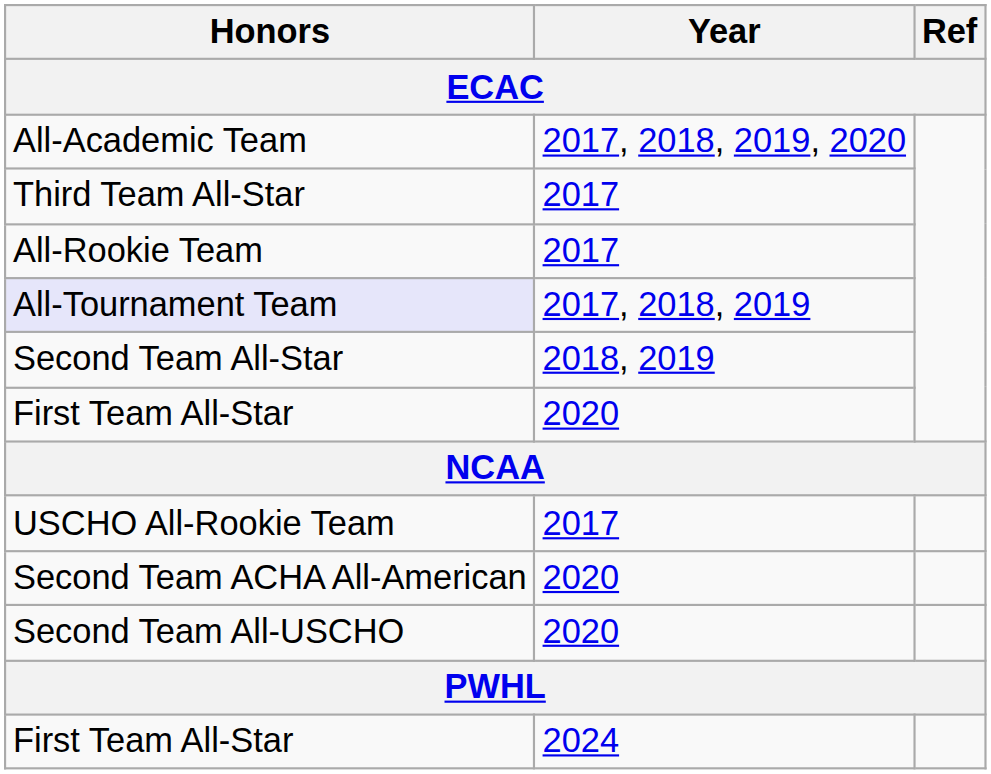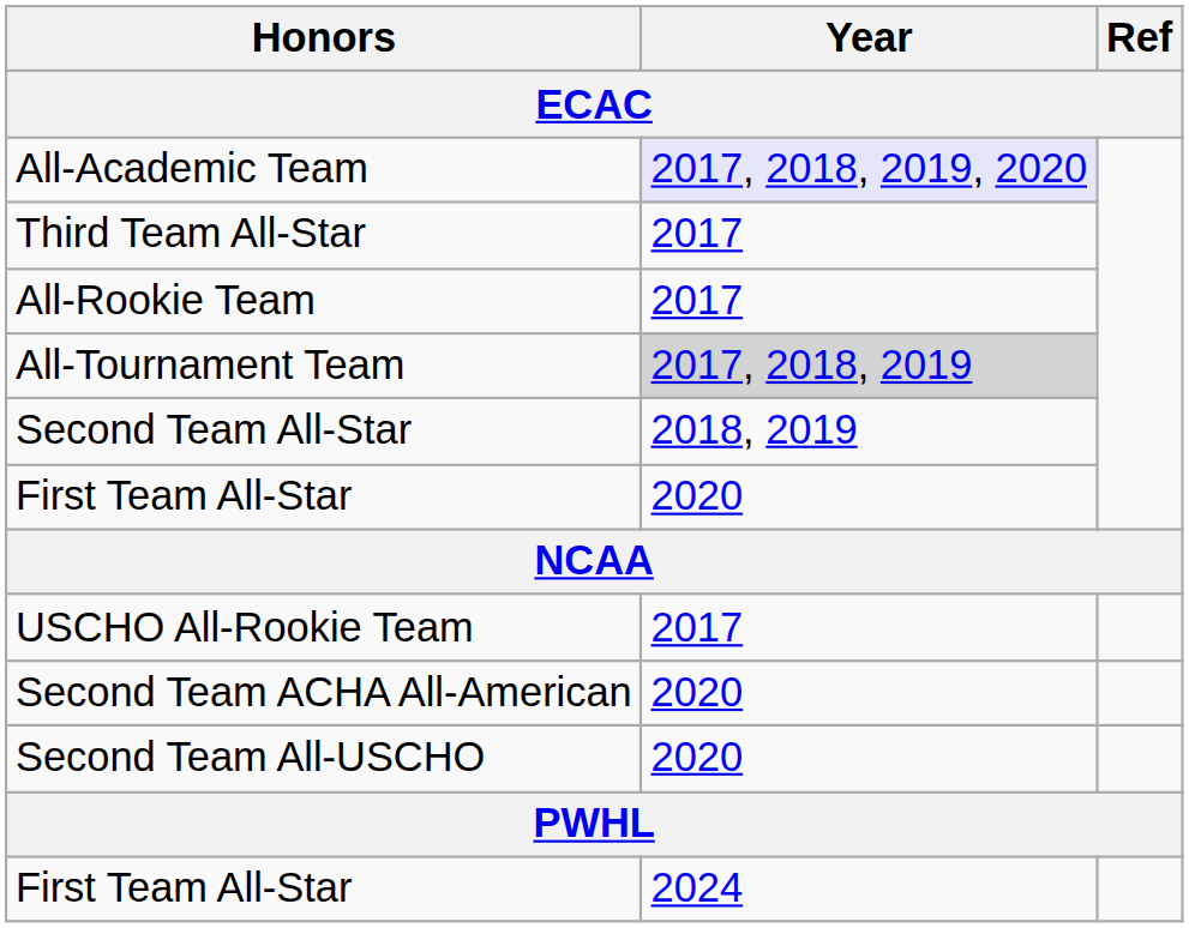 <table class="wikitable">
 <tr>
 <th>Honors</th>
 <th>Year</th>
 <th>Ref</th>
 </tr>
 <tr>
 <th colspan="3"><a href='#'>ECAC</a></th>
 </tr>
 <tr>
 <td>All-Academic Team</td>
-<td><a href='#'>2017</a>, <a href='#'>2018</a>, <a href='#'>2019</a>,  <a href='#'>2020</a></td>
+<td style="background: lavender;"><a href='#'>2017</a>, <a href='#'>2018</a>, <a href='#'>2019</a>,  <a href='#'>2020</a></td>
 <td rowspan="6"></td>
 </tr>
 <tr>
 <td>Third Team All-Star</td>
 <td><a href='#'>2017</a></td>
 </tr>
 <tr>
 <td>All-Rookie Team</td>
 <td><a href='#'>2017</a></td>
 </tr>
 <tr>
-<td style="background: lavender;">All-Tournament Team</td>
-<td><a href='#'>2017</a>, <a href='#'>2018</a>, <a href='#'>2019</a></td>
+<td>All-Tournament Team</td>
+<td style="background: lightgrey;"><a href='#'>2017</a>, <a href='#'>2018</a>, <a href='#'>2019</a></td>
 </tr>
 <tr>
 <td>Second Team All-Star</td>
 <td><a href='#'>2018</a>, <a href='#'>2019</a></td>
 </tr>
 <tr>
 <td>First Team All-Star</td>
 <td><a href='#'>2020</a></td>
 </tr>
 <tr>
 <th colspan="3"><a href='#'>NCAA</a></th>
 </tr>
 <tr>
 <td>USCHO All-Rookie Team</td>
 <td><a href='#'>2017</a></td>
 <td></td>
 </tr>
 <tr>
 <td>Second Team ACHA All-American</td>
 <td><a href='#'>2020</a></td>
 <td></td>
 </tr>
 <tr>
 <td>Second Team All-USCHO</td>
 <td><a href='#'>2020</a></td>
 <td></td>
 </tr>
 <tr>
 <th colspan="3"><a href='#'>PWHL</a></th>
 </tr>
 <tr>
 <td>First Team All-Star</td>
 <td><a href='#'>2024</a></td>
 <td></td>
 </tr>
 </table>
